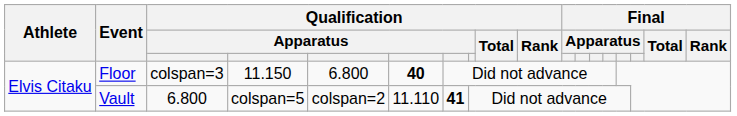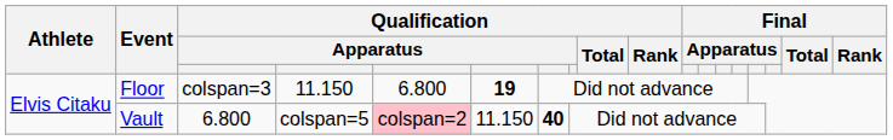 <table class="wikitable" style="font-size:90%">
 <tr>
 <th rowspan=3>Athlete</th>
 <th rowspan=3>Event</th>
 <th colspan =8>Qualification</th>
 <th colspan =8>Final</th>
 </tr>
 <tr style="font-size:95%">
 <th colspan=6>Apparatus</th>
 <th rowspan=2>Total</th>
 <th rowspan=2>Rank</th>
 <th colspan=6>Apparatus</th>
 <th rowspan=2>Total</th>
 <th rowspan=2>Rank</th>
 </tr>
 <tr style="font-size:95%">
 <th></th>
 <th></th>
 <th></th>
 <th></th>
 <th></th>
 <th></th>
 <th></th>
 <th></th>
 <th></th>
 <th></th>
 <th></th>
 <th></th>
 </tr>
 <tr align=center>
 <td align=left rowspan=2><a href='#'>Elvis Citaku</a></td>
 <td align=left><a href='#'>Floor</a></td>
 <td>colspan=3 </td>
 <td>11.150</td>
 <td>6.800</td>
-<td><strong>40</strong></td>
+<td><strong>19</strong></td>
 <td colspan=8>Did not advance</td>
 </tr>
 <tr align=center>
 <td align=left><a href='#'>Vault</a></td>
 <td>6.800</td>
 <td>colspan=5 </td>
-<td>colspan=2 </td>
-<td>11.110</td>
-<td><strong>41</strong></td>
+<td style="background: pink;">colspan=2 </td>
+<td>11.150</td>
+<td><strong>40</strong></td>
 <td colspan=8>Did not advance</td>
 </tr>
 </table>
